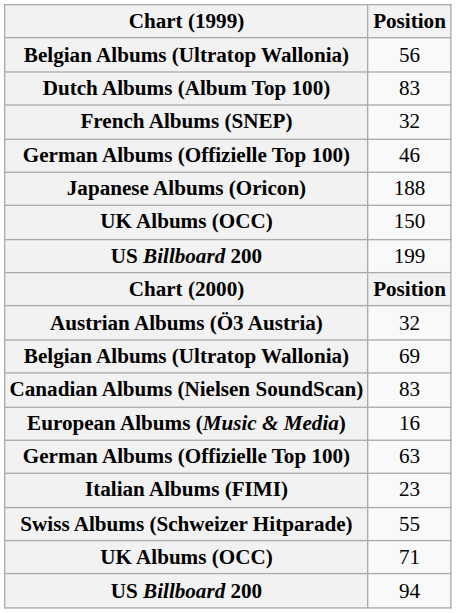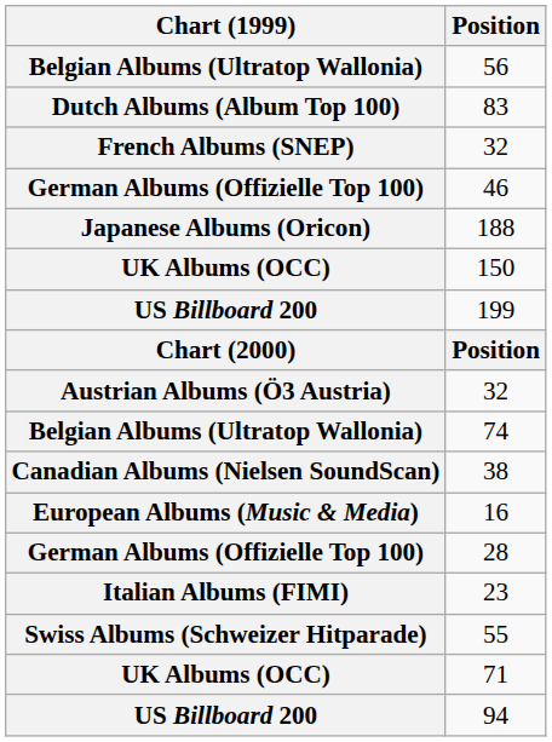 <table class="wikitable sortable plainrowheaders" style="text-align:center">
 <tr>
 <th scope="col">Chart (1999)</th>
 <th scope="col">Position</th>
 </tr>
 <tr>
 <th scope="row">Belgian Albums (Ultratop Wallonia)</th>
 <td>56</td>
 </tr>
 <tr>
 <th scope="row">Dutch Albums (Album Top 100)</th>
 <td>83</td>
 </tr>
 <tr>
 <th scope="row">French Albums (SNEP)</th>
 <td>32</td>
 </tr>
 <tr>
 <th scope="row">German Albums (Offizielle Top 100)</th>
 <td align="center">46</td>
 </tr>
 <tr>
 <th scope="row">Japanese Albums (Oricon)</th>
 <td>188</td>
 </tr>
 <tr>
 <th scope="row">UK Albums (OCC)</th>
 <td>150</td>
 </tr>
 <tr>
 <th scope="row">US <em>Billboard</em> 200</th>
 <td>199</td>
 </tr>
 <tr>
 <th>Chart (2000)</th>
 <th>Position</th>
 </tr>
 <tr>
 <th scope="row">Austrian Albums (Ö3 Austria)</th>
 <td>32</td>
 </tr>
 <tr>
 <th scope="row">Belgian Albums (Ultratop Wallonia)</th>
-<td>69</td>
+<td>74</td>
 </tr>
 <tr>
 <th scope="row">Canadian Albums (Nielsen SoundScan)</th>
-<td>83</td>
+<td>38</td>
 </tr>
 <tr>
 <th scope="row">European Albums (<em>Music & Media</em>)</th>
 <td>16</td>
 </tr>
 <tr>
 <th scope="row">German Albums (Offizielle Top 100)</th>
-<td align="center">63</td>
+<td align="center">28</td>
 </tr>
 <tr>
 <th scope="row">Italian Albums (FIMI)</th>
 <td>23</td>
 </tr>
 <tr>
 <th scope="row">Swiss Albums (Schweizer Hitparade)</th>
 <td>55</td>
 </tr>
 <tr>
 <th scope="row">UK Albums (OCC)</th>
 <td>71</td>
 </tr>
 <tr>
 <th scope="row">US <em>Billboard</em> 200</th>
 <td>94</td>
 </tr>
 </table>
